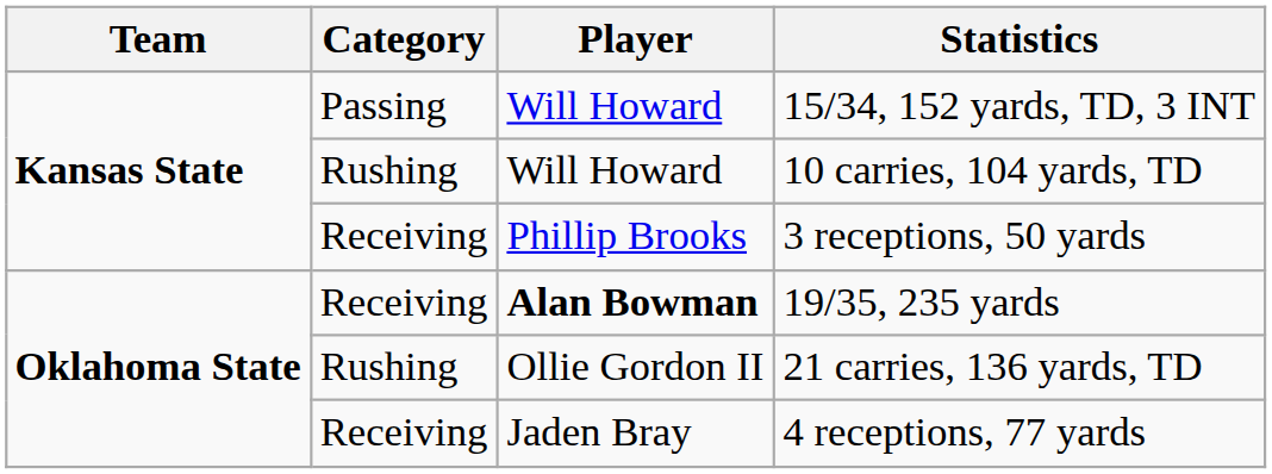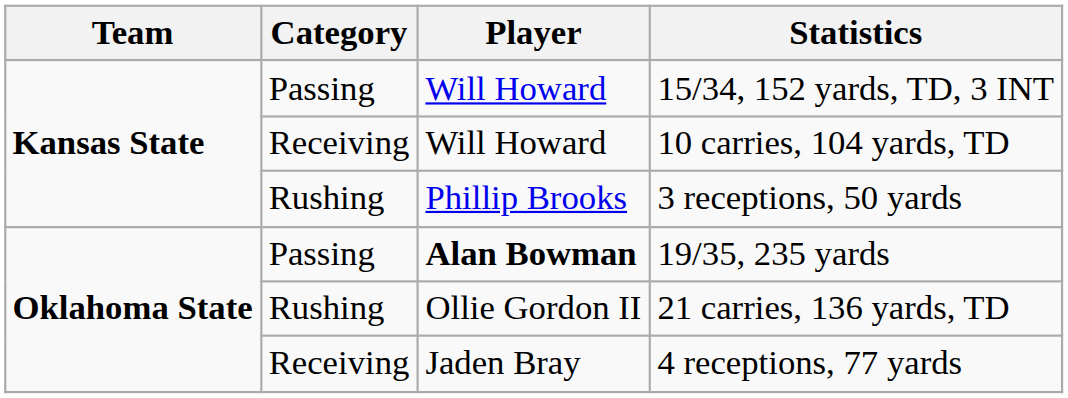 <table class="wikitable" style="float: right;">
 <tr>
 <th>Team</th>
 <th>Category</th>
 <th>Player</th>
 <th>Statistics</th>
 </tr>
 <tr>
 <td rowspan=3><strong>Kansas State</strong></td>
 <td>Passing</td>
 <td><a href='#'>Will Howard</a></td>
 <td>15/34, 152 yards, TD, 3 INT</td>
 </tr>
 <tr>
-<td>Rushing</td>
+<td>Receiving</td>
 <td>Will Howard</td>
 <td>10 carries, 104 yards, TD</td>
 </tr>
 <tr>
-<td>Receiving</td>
+<td>Rushing</td>
 <td><a href='#'>Phillip Brooks</a></td>
 <td>3 receptions, 50 yards</td>
 </tr>
 <tr>
 <td rowspan=3><strong>Oklahoma State</strong></td>
-<td>Receiving</td>
+<td>Passing</td>
 <td><strong>Alan Bowman</strong></td>
 <td>19/35, 235 yards</td>
 </tr>
 <tr>
 <td>Rushing</td>
 <td>Ollie Gordon II</td>
 <td>21 carries, 136 yards, TD</td>
 </tr>
 <tr>
 <td>Receiving</td>
 <td>Jaden Bray</td>
 <td>4 receptions, 77 yards</td>
 </tr>
 </table>
